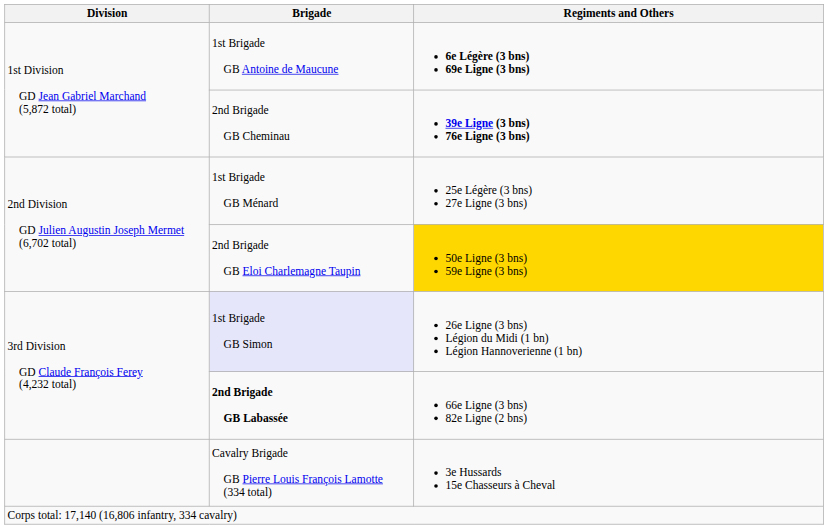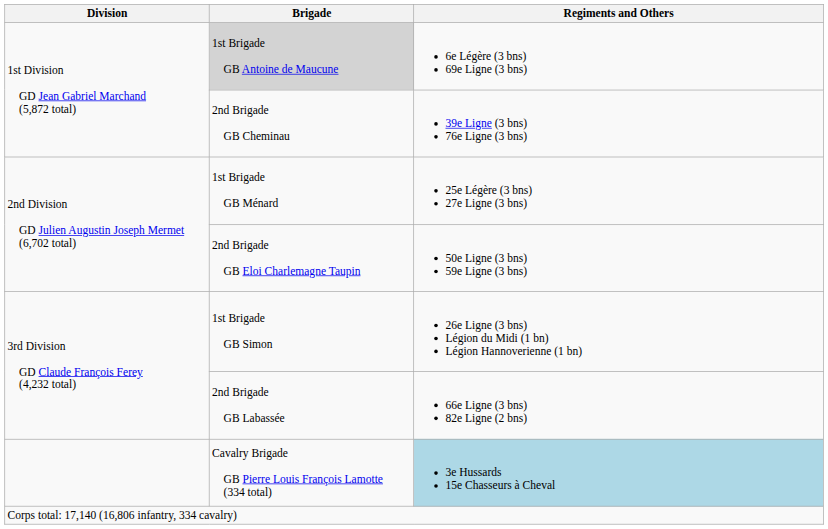 <table class="wikitable" width="90%" style="margin: 1em auto 1em auto">
 <tr>
 <th style="width:25%;">Division</th>
 <th style="width:25%;">Brigade</th>
 <th>Regiments and Others</th>
 </tr>
 <tr>
 <td rowspan=2>1st Division<br><br>    GD <a href='#'>Jean Gabriel Marchand</a> <br>    (5,872 total)</td>
-<td>1st Brigade<br><br>    GB <a href='#'>Antoine de Maucune</a></td>
-<td><strong><br><ul><li>6e Légère (3 bns)</li><li>69e Ligne (3 bns)</li></ul></strong></td>
+<td style="background: lightgrey;">1st Brigade<br><br>    GB <a href='#'>Antoine de Maucune</a></td>
+<td><br><ul><li>6e Légère (3 bns)</li><li>69e Ligne (3 bns)</li></ul></td>
 </tr>
 <tr>
 <td>2nd Brigade<br><br>    GB Cheminau</td>
-<td><strong><br><ul><li><a href='#'>39e Ligne</a> (3 bns)</li><li>76e Ligne (3 bns)</li></ul></strong></td>
+<td><br><ul><li><a href='#'>39e Ligne</a> (3 bns)</li><li>76e Ligne (3 bns)</li></ul></td>
 </tr>
 <tr>
 <td rowspan=2>2nd Division<br><br>    GD <a href='#'>Julien Augustin Joseph Mermet</a> <br>    (6,702 total)</td>
 <td>1st Brigade<br><br>    GB Ménard</td>
 <td><br><ul><li>25e Légère (3 bns)</li><li>27e Ligne (3 bns)</li></ul></td>
 </tr>
 <tr>
 <td>2nd Brigade<br><br>    GB <a href='#'>Eloi Charlemagne Taupin</a></td>
-<td style="background: gold;"><br><ul><li>50e Ligne (3 bns)</li><li>59e Ligne (3 bns)</li></ul></td>
+<td><br><ul><li>50e Ligne (3 bns)</li><li>59e Ligne (3 bns)</li></ul></td>
 </tr>
 <tr>
 <td rowspan=2>3rd Division<br><br>    GD <a href='#'>Claude François Ferey</a> <br>    (4,232 total)</td>
-<td style="background: lavender;">1st Brigade<br><br>    GB Simon</td>
+<td>1st Brigade<br><br>    GB Simon</td>
 <td><br><ul><li>26e Ligne (3 bns)</li><li>Légion du Midi (1 bn)</li><li>Légion Hannoverienne (1 bn)</li></ul></td>
 </tr>
 <tr>
-<td><strong>2nd Brigade<br><br>    GB Labassée</strong></td>
+<td>2nd Brigade<br><br>    GB Labassée</td>
 <td><br><ul><li>66e Ligne (3 bns)</li><li>82e Ligne (2 bns)</li></ul></td>
 </tr>
 <tr>
 <td></td>
 <td>Cavalry Brigade<br><br>    GB <a href='#'>Pierre Louis François Lamotte</a> <br>    (334 total)</td>
-<td><br><ul><li>3e Hussards</li><li>15e Chasseurs à Cheval</li></ul></td>
+<td style="background: lightblue;"><br><ul><li>3e Hussards</li><li>15e Chasseurs à Cheval</li></ul></td>
 </tr>
 <tr>
 <td colspan=3>Corps total: 17,140 (16,806 infantry, 334 cavalry)</td>
 </tr>
 </table>
